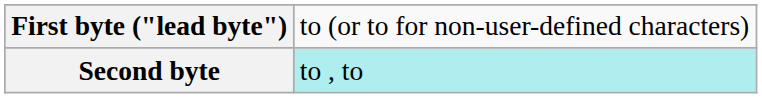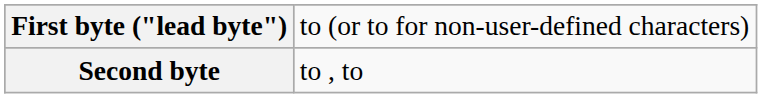 <table border=1 style="border-collapse: collapse" class="wikitable plainrowheaders">
 <tr>
 <th scope="row">First byte ("lead byte")</th>
 <td> to  (or  to  for non-user-defined characters)</td>
 </tr>
 <tr>
 <th scope="row">Second byte</th>
-<td style="background: paleturquoise;"> to ,  to </td>
+<td> to ,  to </td>
 </tr>
 </table>
